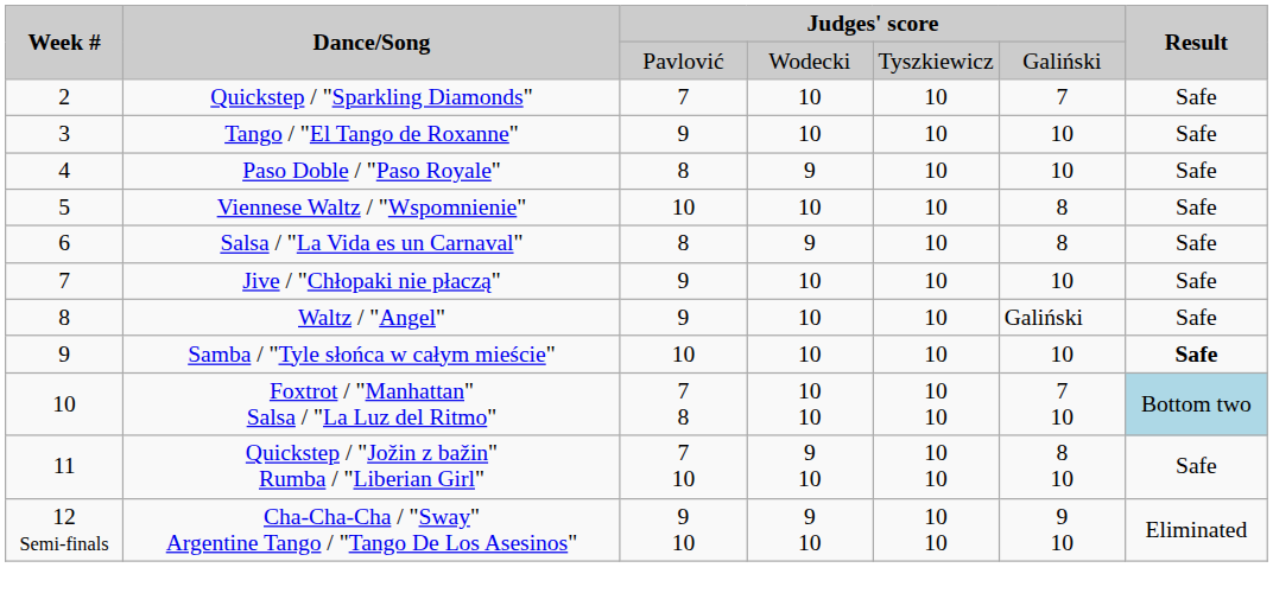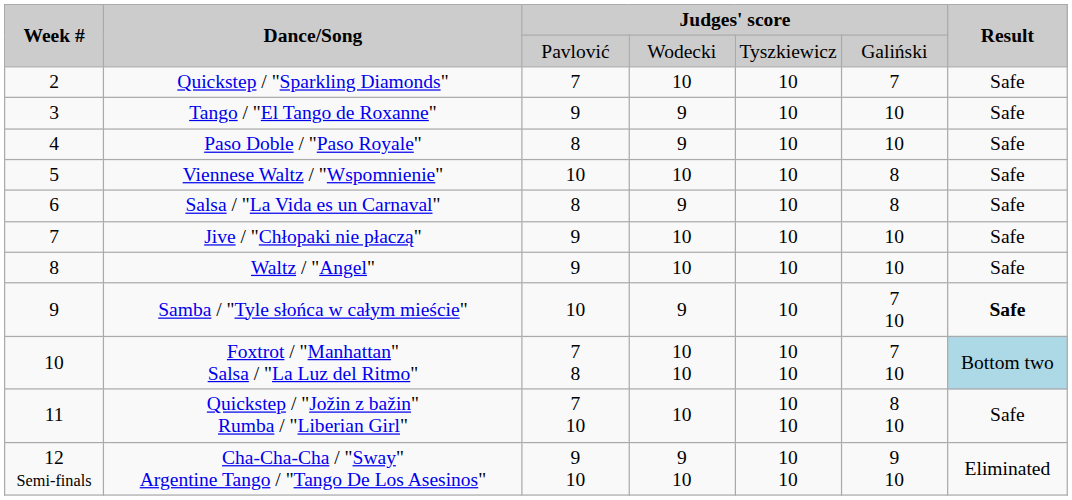 <table class="wikitable">
 <tr style="text-align:Center; background:#ccc;">
 <td rowspan="2"><strong>Week #</strong></td>
 <td rowspan="2"><strong>Dance/Song</strong></td>
 <td colspan="4"><strong>Judges' score</strong></td>
 <td rowspan="2"><strong>Result</strong></td>
 </tr>
 <tr style="text-align:center; background:#ccc;">
 <td style="width:10%; ">Pavlović</td>
 <td style="width:10%; ">Wodecki</td>
 <td style="width:10%; ">Tyszkiewicz</td>
 <td style="width:10%; ">Galiński</td>
 </tr>
 <tr>
 <td style="text-align:center;">2</td>
 <td style="text-align:center;"><a href='#'>Quickstep</a> / "<a href='#'>Sparkling Diamonds</a>"</td>
 <td style="text-align:center;">7</td>
 <td style="text-align:center;">10</td>
 <td style="text-align:center;">10</td>
 <td style="text-align:center;">7</td>
 <td style="text-align:center;">Safe</td>
 </tr>
 <tr>
 <td style="text-align:center;">3</td>
 <td style="text-align:center;"><a href='#'>Tango</a> / "<a href='#'>El Tango de Roxanne</a>"</td>
 <td style="text-align:center;">9</td>
-<td style="text-align:center;">10</td>
+<td style="text-align:center;">9</td>
 <td style="text-align:center;">10</td>
 <td style="text-align:center;">10</td>
 <td style="text-align:center;">Safe</td>
 </tr>
 <tr>
 <td style="text-align:center;">4</td>
 <td style="text-align:center;"><a href='#'>Paso Doble</a> / "<a href='#'>Paso Royale</a>"</td>
 <td style="text-align:center;">8</td>
 <td style="text-align:center;">9</td>
 <td style="text-align:center;">10</td>
 <td style="text-align:center;">10</td>
 <td style="text-align:center;">Safe</td>
 </tr>
 <tr>
 <td style="text-align:center;">5</td>
 <td style="text-align:center;"><a href='#'>Viennese Waltz</a> / "<a href='#'>Wspomnienie</a>"</td>
 <td style="text-align:center;">10</td>
 <td style="text-align:center;">10</td>
 <td style="text-align:center;">10</td>
 <td style="text-align:center;">8</td>
 <td style="text-align:center;">Safe</td>
 </tr>
 <tr>
 <td style="text-align:center;">6</td>
 <td style="text-align:center;"><a href='#'>Salsa</a> / "<a href='#'>La Vida es un Carnaval</a>"</td>
 <td style="text-align:center;">8</td>
 <td style="text-align:center;">9</td>
 <td style="text-align:center;">10</td>
 <td style="text-align:center;">8</td>
 <td style="text-align:center;">Safe</td>
 </tr>
 <tr>
 <td style="text-align:center;">7</td>
 <td style="text-align:center;"><a href='#'>Jive</a> / "<a href='#'>Chłopaki nie płaczą</a>"</td>
 <td style="text-align:center;">9</td>
 <td style="text-align:center;">10</td>
 <td style="text-align:center;">10</td>
 <td style="text-align:center;">10</td>
 <td style="text-align:center;">Safe</td>
 </tr>
 <tr>
 <td style="text-align:center;">8</td>
 <td style="text-align:center;"><a href='#'>Waltz</a> / "<a href='#'>Angel</a>"</td>
 <td style="text-align:center;">9</td>
 <td style="text-align:center;">10</td>
 <td style="text-align:center;">10</td>
-<td style="width:10%; ">Galiński</td>
+<td style="text-align:center;">10</td>
 <td style="text-align:center;">Safe</td>
 </tr>
 <tr>
 <td style="text-align:center;">9</td>
 <td style="text-align:center;"><a href='#'>Samba</a> / "<a href='#'>Tyle słońca w całym mieście</a>"</td>
 <td style="text-align:center;">10</td>
+<td style="text-align:center;">9</td>
 <td style="text-align:center;">10</td>
-<td style="text-align:center;">10</td>
-<td style="text-align:center;">10</td>
+<td style="text-align:center;">7<br>10</td>
 <td style="text-align:center;"><strong>Safe</strong></td>
 </tr>
 <tr>
 <td style="text-align:center;">10</td>
 <td style="text-align:center;"><a href='#'>Foxtrot</a> / "<a href='#'>Manhattan</a>"<br><a href='#'>Salsa</a> / "<a href='#'>La Luz del Ritmo</a>"</td>
 <td style="text-align:center;">7<br>8</td>
 <td style="text-align:center;">10<br>10</td>
 <td style="text-align:center;">10<br>10</td>
 <td style="text-align:center;">7<br>10</td>
 <td style="text-align:center; background:lightblue">Bottom two</td>
 </tr>
 <tr>
 <td style="text-align:center;">11</td>
 <td style="text-align:center;"><a href='#'>Quickstep</a> / "<a href='#'>Jožin z bažin</a>"<br><a href='#'>Rumba</a> / "<a href='#'>Liberian Girl</a>"</td>
 <td style="text-align:center;">7<br>10</td>
-<td style="text-align:center;">9<br>10</td>
+<td style="text-align:center;">10</td>
 <td style="text-align:center;">10<br>10</td>
 <td style="text-align:center;">8<br>10</td>
 <td style="text-align:center;">Safe</td>
 </tr>
 <tr>
 <td style="text-align:center;">12<br><small>Semi-finals</small></td>
 <td style="text-align:center;"><a href='#'>Cha-Cha-Cha</a> / "<a href='#'>Sway</a>"<br><a href='#'>Argentine Tango</a> / "<a href='#'>Tango De Los Asesinos</a>"</td>
 <td style="text-align:center;">9<br>10</td>
 <td style="text-align:center;">9<br>10</td>
 <td style="text-align:center;">10<br>10</td>
 <td style="text-align:center;">9<br>10</td>
 <td style="text-align:center;">Eliminated</td>
 </tr>
 </table>
